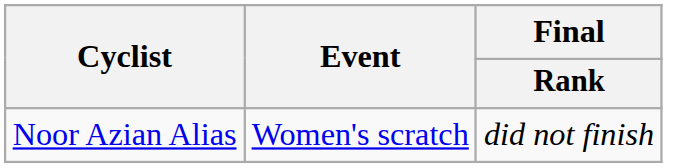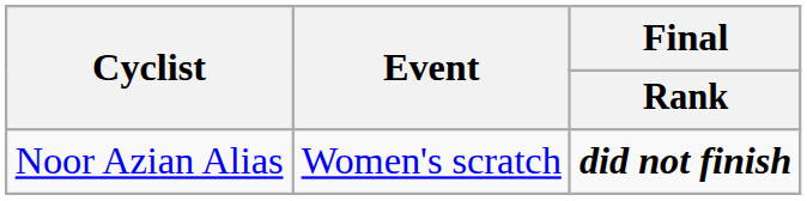 <table class="wikitable" style="font-size:90%">
 <tr>
 <th rowspan=2>Cyclist</th>
 <th rowspan=2>Event</th>
 <th>Final</th>
 </tr>
 <tr style="font-size:95%">
 <th>Rank</th>
 </tr>
 <tr align=center>
 <td align=left><a href='#'>Noor Azian Alias</a></td>
 <td align=left><a href='#'>Women's scratch</a></td>
-<td><em>did not finish</em></td>
+<td><strong><em>did not finish</em></strong></td>
 </tr>
 </table>
